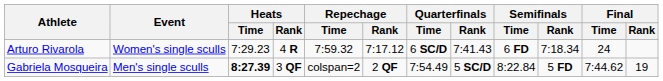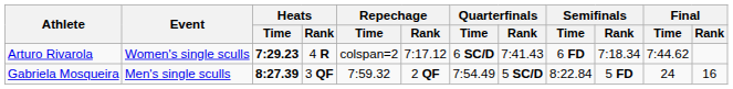 <table class="wikitable" style="font-size:90%">
 <tr>
 <th rowspan="2">Athlete</th>
 <th rowspan="2">Event</th>
 <th colspan="2">Heats</th>
 <th colspan="2">Repechage</th>
 <th colspan="2">Quarterfinals</th>
 <th colspan="2">Semifinals</th>
 <th colspan="2">Final</th>
 </tr>
 <tr style="font-size:95%">
 <th>Time</th>
 <th>Rank</th>
 <th>Time</th>
 <th>Rank</th>
 <th>Time</th>
 <th>Rank</th>
 <th>Time</th>
 <th>Rank</th>
 <th>Time</th>
 <th>Rank</th>
 </tr>
 <tr align=center>
 <td align=left><a href='#'>Arturo Rivarola</a></td>
 <td align=left><a href='#'>Women's single sculls</a></td>
-<td>7:29.23</td>
+<td><strong>7:29.23</strong></td>
 <td>4 <strong>R</strong></td>
-<td>7:59.32</td>
+<td>colspan=2 </td>
 <td>7:17.12</td>
 <td>6 <strong>SC/D</strong></td>
 <td>7:41.43</td>
 <td>6 <strong>FD</strong></td>
 <td>7:18.34</td>
-<td>24</td>
+<td>7:44.62</td>
 </tr>
 <tr align=center>
 <td align=left><a href='#'>Gabriela Mosqueira</a></td>
 <td align=left><a href='#'>Men's single sculls</a></td>
 <td><strong>8:27.39</strong></td>
 <td>3 <strong>QF</strong></td>
-<td>colspan=2 </td>
+<td>7:59.32</td>
 <td>2 <strong>QF</strong></td>
 <td>7:54.49</td>
 <td>5 <strong>SC/D</strong></td>
 <td>8:22.84</td>
 <td>5 <strong>FD</strong></td>
-<td>7:44.62</td>
-<td>19</td>
+<td>24</td>
+<td>16</td>
 </tr>
 </table>
